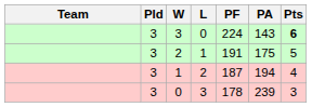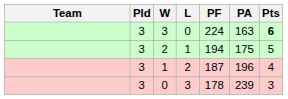 <table class="wikitable" style="text-align:center;">
 <tr>
 <th width=170>Team</th>
 <th width=25>Pld</th>
 <th width=25>W</th>
 <th width=25>L</th>
 <th width=35>PF</th>
 <th width=35>PA</th>
 <th width=25>Pts</th>
 </tr>
 <tr bgcolor=#ccffcc>
 <td align="left"></td>
 <td>3</td>
 <td>3</td>
 <td>0</td>
 <td>224</td>
-<td>143</td>
+<td>163</td>
 <td><strong>6</strong></td>
 </tr>
 <tr bgcolor=#ccffcc>
 <td align="left"></td>
 <td>3</td>
 <td>2</td>
 <td>1</td>
-<td>191</td>
+<td>194</td>
 <td>175</td>
 <td>5</td>
 </tr>
 <tr bgcolor=#ffcccc>
 <td align="left"></td>
 <td>3</td>
 <td>1</td>
 <td>2</td>
 <td>187</td>
-<td>194</td>
+<td>196</td>
 <td>4</td>
 </tr>
 <tr bgcolor=#ffcccc>
 <td align="left"></td>
 <td>3</td>
 <td>0</td>
 <td>3</td>
 <td>178</td>
 <td>239</td>
 <td>3</td>
 </tr>
 </table>
